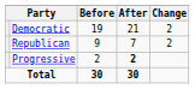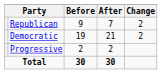 <table class="wikitable" style="text-align:center;">
 <tr>
 </tr>
 <tr>
 <th colspan=2>Party</th>
 <th>Before</th>
 <th>After</th>
 <th>Change</th>
 </tr>
 <tr>
 <th style="background-color:"></th>
+<td style="text-align:left;"><a href='#'>Republican</a></td>
+<td>9</td>
+<td>7</td>
+<td> 2</td>
+</tr>
+<tr>
+<th style="background-color:"></th>
 <td style="text-align:left;"><a href='#'>Democratic</a></td>
 <td>19</td>
 <td>21</td>
 <td> 2</td>
 </tr>
 <tr>
 <th style="background-color:"></th>
-<td style="text-align:left;"><a href='#'>Republican</a></td>
-<td>9</td>
-<td>7</td>
-<td> 2</td>
-</tr>
-<tr>
-<th style="background-color:"></th>
 <td style="text-align:left;"><a href='#'>Progressive</a></td>
 <td>2</td>
-<td><strong>2</strong></td>
+<td>2</td>
 <td></td>
 </tr>
 <tr>
 <td colspan=2><strong>Total</strong></td>
 <td><strong>30</strong></td>
 <td><strong>30</strong></td>
 <td></td>
 </tr>
 </table>
